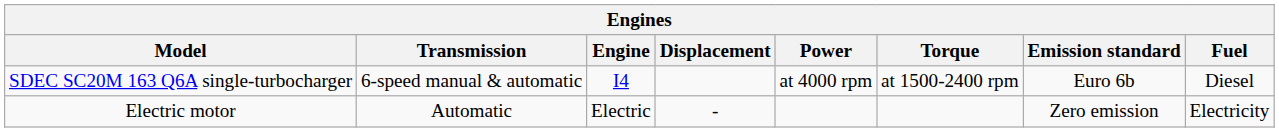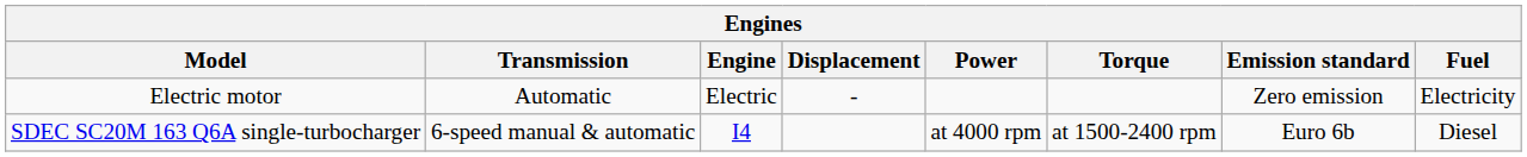 <table class="wikitable" style="text-align:center; font-size:100%;">
 <tr>
 <th colspan=8>Engines</th>
 </tr>
 <tr style="background:#dcdcdc; text-align:center; vertical-align:middle;">
 <th>Model</th>
 <th>Transmission</th>
 <th>Engine</th>
 <th>Displacement</th>
 <th>Power</th>
 <th>Torque</th>
 <th>Emission standard</th>
 <th>Fuel</th>
 </tr>
 <tr>
+<td>Electric motor</td>
+<td>Automatic</td>
+<td>Electric</td>
+<td>-</td>
+<td></td>
+<td></td>
+<td>Zero emission</td>
+<td>Electricity</td>
+</tr>
+<tr>
 <td><a href='#'>SDEC SC20M 163 Q6A</a> single-turbocharger</td>
 <td>6-speed manual & automatic</td>
 <td><a href='#'>I4</a></td>
 <td></td>
 <td> at 4000 rpm</td>
 <td> at 1500-2400 rpm</td>
 <td>Euro 6b</td>
 <td>Diesel</td>
 </tr>
-<tr>
-<td>Electric motor</td>
-<td>Automatic</td>
-<td>Electric</td>
-<td>-</td>
-<td></td>
-<td></td>
-<td>Zero emission</td>
-<td>Electricity</td>
-</tr>
 </table>
